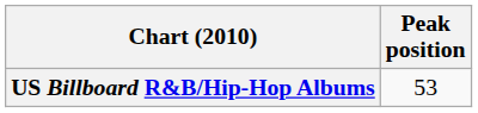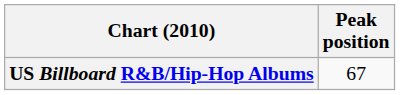 <table class="wikitable plainrowheaders sortable" style="text-align:center;">
 <tr>
 <th scope="col">Chart (2010)</th>
 <th>Peak<br>position</th>
 </tr>
 <tr>
 <th scope="row">US <em>Billboard</em> <a href='#'>R&B/Hip-Hop Albums</a></th>
-<td>53</td>
+<td>67</td>
 </tr>
 </table>
